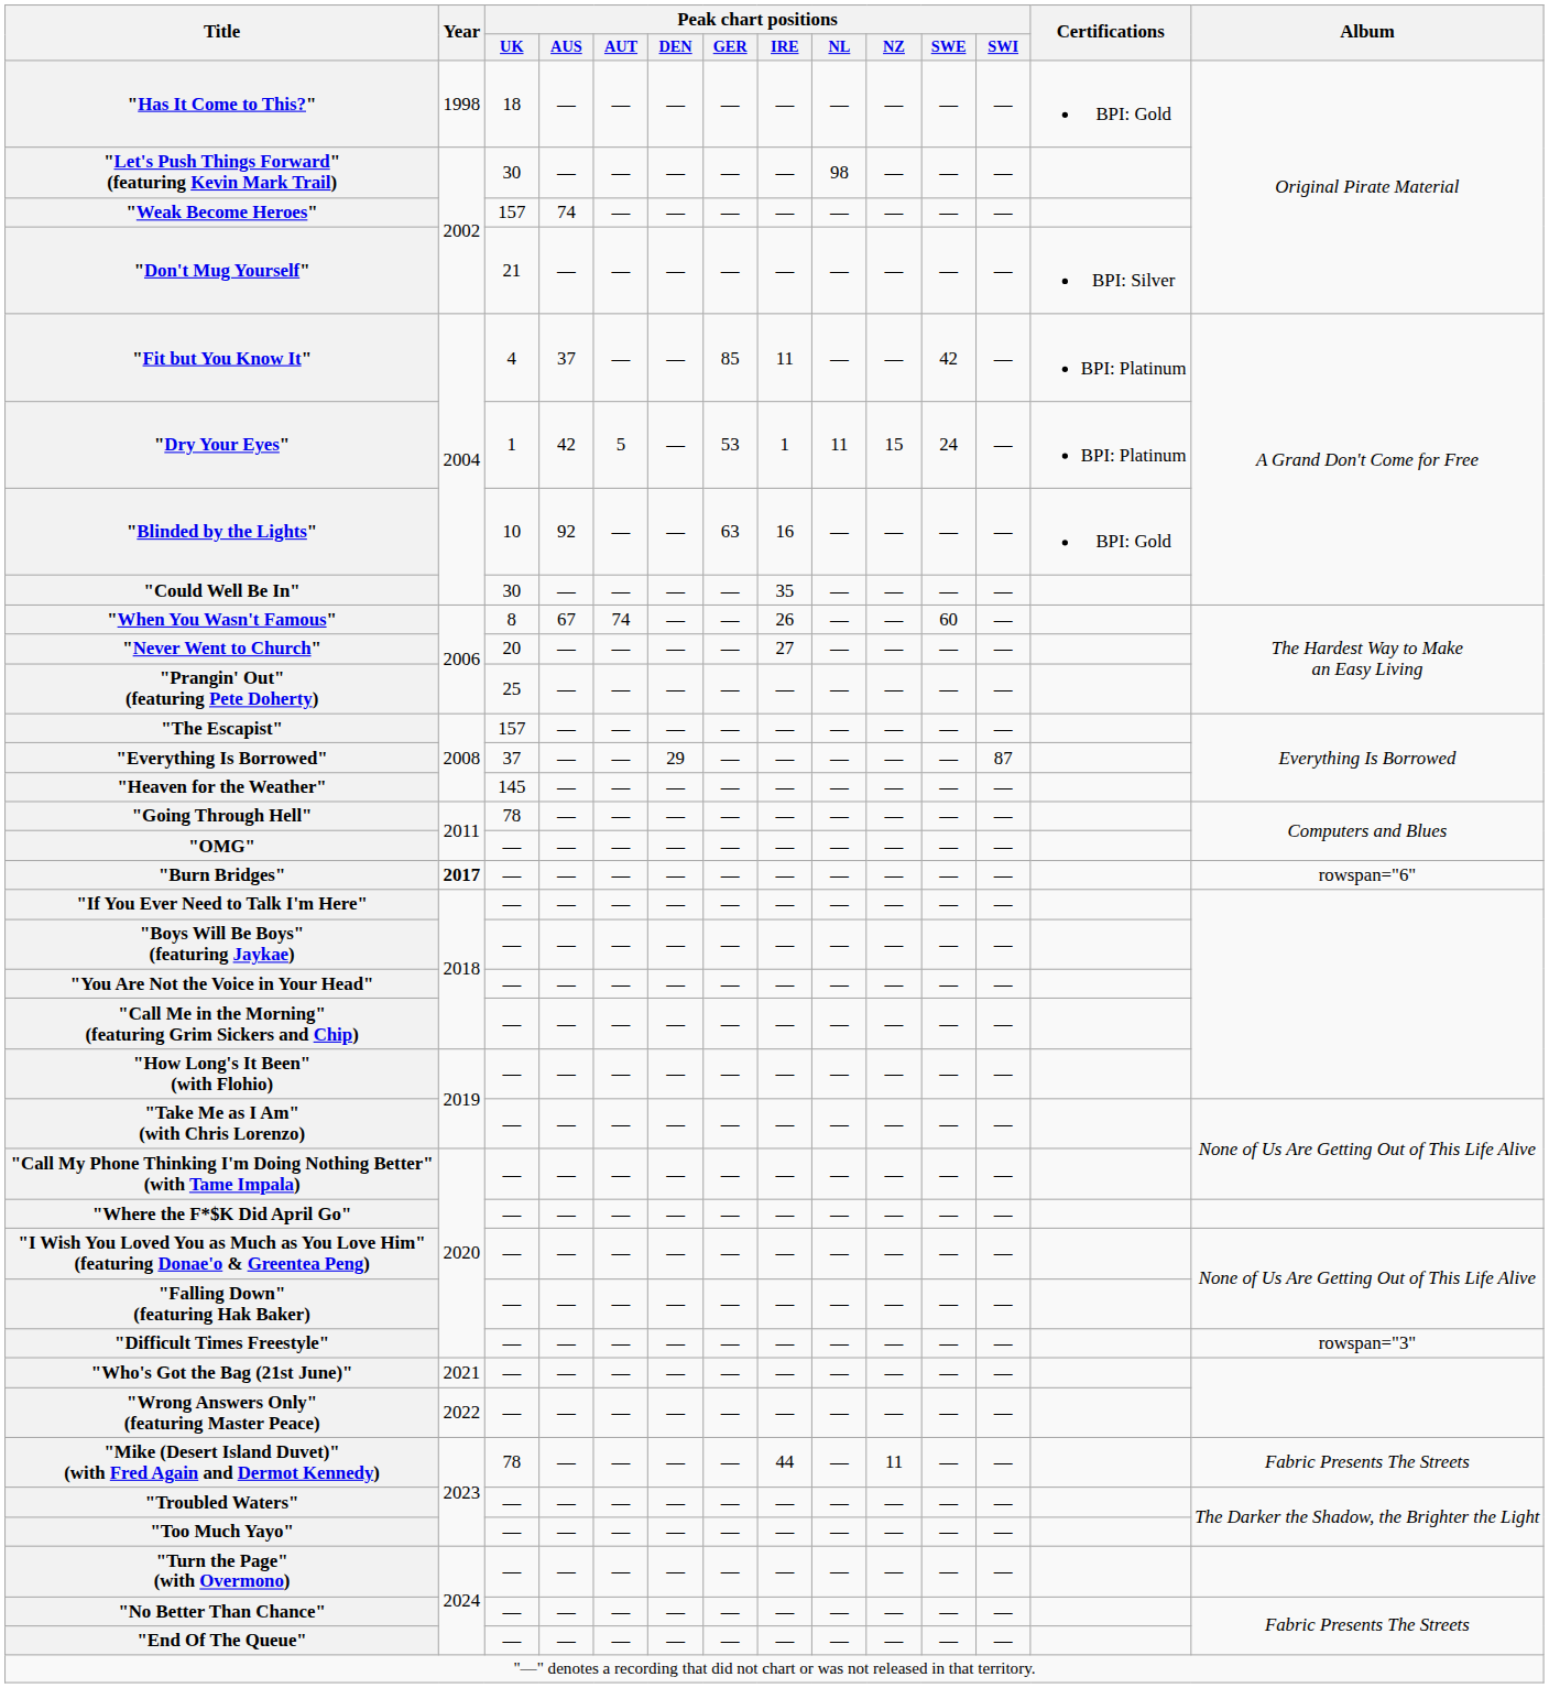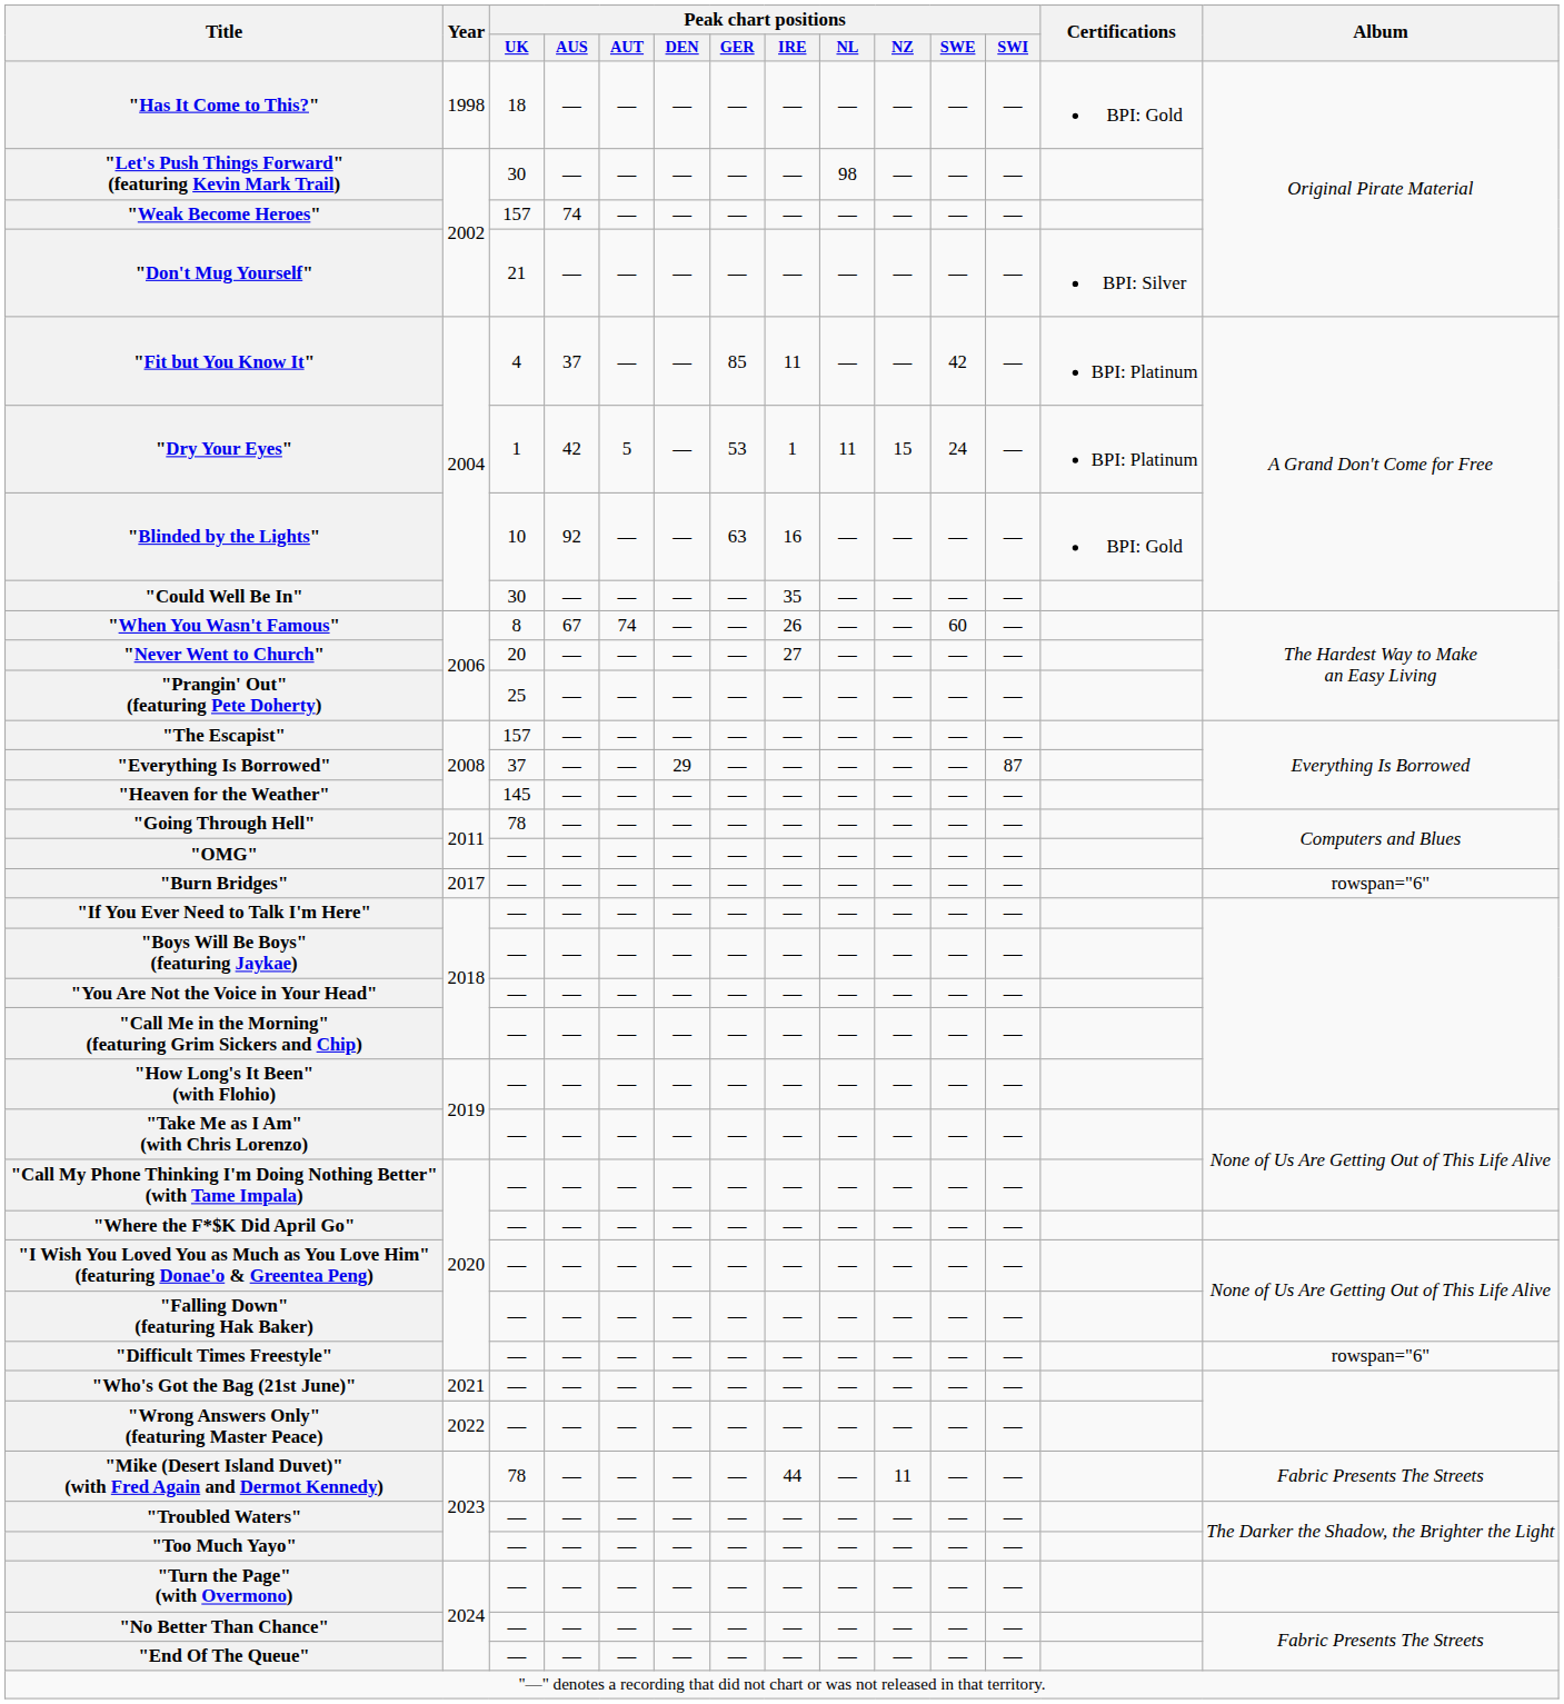 <table class="wikitable plainrowheaders" style="text-align:center;">
 <tr>
 <th scope="col" rowspan="2" style="width:23em;">Title</th>
 <th scope="col" rowspan="2" style="width:1em;">Year</th>
 <th scope="col" colspan="10">Peak chart positions</th>
 <th scope="col" rowspan="2">Certifications</th>
 <th scope="col" rowspan="2">Album</th>
 </tr>
 <tr>
 <th scope="col" style="width:3em;font-size:85%;"><a href='#'>UK</a><br></th>
 <th scope="col" style="width:3em;font-size:85%;"><a href='#'>AUS</a><br></th>
 <th scope="col" style="width:3em;font-size:85%;"><a href='#'>AUT</a><br></th>
 <th scope="col" style="width:3em;font-size:85%;"><a href='#'>DEN</a><br></th>
 <th scope="col" style="width:3em;font-size:85%;"><a href='#'>GER</a></th>
 <th scope="col" style="width:3em;font-size:85%;"><a href='#'>IRE</a><br></th>
 <th scope="col" style="width:3em;font-size:85%;"><a href='#'>NL</a><br></th>
 <th scope="col" style="width:3em;font-size:85%;"><a href='#'>NZ</a><br></th>
 <th scope="col" style="width:3em;font-size:85%;"><a href='#'>SWE</a><br></th>
 <th scope="col" style="width:3em;font-size:85%;"><a href='#'>SWI</a><br></th>
 </tr>
 <tr>
 <th scope="row">"<a href='#'>Has It Come to This?</a>"</th>
 <td>1998</td>
 <td>18</td>
 <td>—</td>
 <td>—</td>
 <td>—</td>
 <td>—</td>
 <td>—</td>
 <td>—</td>
 <td>—</td>
 <td>—</td>
 <td>—</td>
 <td><br><ul><li>BPI: Gold</li></ul></td>
 <td rowspan="4"><em>Original Pirate Material</em></td>
 </tr>
 <tr>
 <th scope="row">"<a href='#'>Let's Push Things Forward</a>"<br><span>(featuring <a href='#'>Kevin Mark Trail</a>)</span></th>
 <td rowspan="3">2002</td>
 <td>30</td>
 <td>—</td>
 <td>—</td>
 <td>—</td>
 <td>—</td>
 <td>—</td>
 <td>98</td>
 <td>—</td>
 <td>—</td>
 <td>—</td>
 <td></td>
 </tr>
 <tr>
 <th scope="row">"<a href='#'>Weak Become Heroes</a>"</th>
 <td>157</td>
 <td>74</td>
 <td>—</td>
 <td>—</td>
 <td>—</td>
 <td>—</td>
 <td>—</td>
 <td>—</td>
 <td>—</td>
 <td>—</td>
 <td></td>
 </tr>
 <tr>
 <th scope="row">"<a href='#'>Don't Mug Yourself</a>"</th>
 <td>21</td>
 <td>—</td>
 <td>—</td>
 <td>—</td>
 <td>—</td>
 <td>—</td>
 <td>—</td>
 <td>—</td>
 <td>—</td>
 <td>—</td>
 <td><br><ul><li>BPI: Silver</li></ul></td>
 </tr>
 <tr>
 <th scope="row">"<a href='#'>Fit but You Know It</a>"</th>
 <td rowspan="4">2004</td>
 <td>4</td>
 <td>37</td>
 <td>—</td>
 <td>—</td>
 <td>85</td>
 <td>11</td>
 <td>—</td>
 <td>—</td>
 <td>42</td>
 <td>—</td>
 <td><br><ul><li>BPI: Platinum</li></ul></td>
 <td rowspan="4"><em>A Grand Don't Come for Free</em></td>
 </tr>
 <tr>
 <th scope="row">"<a href='#'>Dry Your Eyes</a>"</th>
 <td>1</td>
 <td>42</td>
 <td>5</td>
 <td>—</td>
 <td>53</td>
 <td>1</td>
 <td>11</td>
 <td>15</td>
 <td>24</td>
 <td>—</td>
 <td><br><ul><li>BPI: Platinum</li></ul></td>
 </tr>
 <tr>
 <th scope="row">"<a href='#'>Blinded by the Lights</a>"</th>
 <td>10</td>
 <td>92</td>
 <td>—</td>
 <td>—</td>
 <td>63</td>
 <td>16</td>
 <td>—</td>
 <td>—</td>
 <td>—</td>
 <td>—</td>
 <td><br><ul><li>BPI: Gold</li></ul></td>
 </tr>
 <tr>
 <th scope="row">"Could Well Be In"</th>
 <td>30</td>
 <td>—</td>
 <td>—</td>
 <td>—</td>
 <td>—</td>
 <td>35</td>
 <td>—</td>
 <td>—</td>
 <td>—</td>
 <td>—</td>
 <td></td>
 </tr>
 <tr>
 <th scope="row">"<a href='#'>When You Wasn't Famous</a>"</th>
 <td rowspan="3">2006</td>
 <td>8</td>
 <td>67</td>
 <td>74</td>
 <td>—</td>
 <td>—</td>
 <td>26</td>
 <td>—</td>
 <td>—</td>
 <td>60</td>
 <td>—</td>
 <td></td>
 <td rowspan="3"><em>The Hardest Way to Make<br>an Easy Living</em></td>
 </tr>
 <tr>
 <th scope="row">"<a href='#'>Never Went to Church</a>"</th>
 <td>20</td>
 <td>—</td>
 <td>—</td>
 <td>—</td>
 <td>—</td>
 <td>27</td>
 <td>—</td>
 <td>—</td>
 <td>—</td>
 <td>—</td>
 <td></td>
 </tr>
 <tr>
 <th scope="row">"Prangin' Out"<br><span>(featuring <a href='#'>Pete Doherty</a>)</span></th>
 <td>25</td>
 <td>—</td>
 <td>—</td>
 <td>—</td>
 <td>—</td>
 <td>—</td>
 <td>—</td>
 <td>—</td>
 <td>—</td>
 <td>—</td>
 <td></td>
 </tr>
 <tr>
 <th scope="row">"The Escapist"</th>
 <td rowspan="3">2008</td>
 <td>157</td>
 <td>—</td>
 <td>—</td>
 <td>—</td>
 <td>—</td>
 <td>—</td>
 <td>—</td>
 <td>—</td>
 <td>—</td>
 <td>—</td>
 <td></td>
 <td rowspan="3"><em>Everything Is Borrowed</em></td>
 </tr>
 <tr>
 <th scope="row">"Everything Is Borrowed"</th>
 <td>37</td>
 <td>—</td>
 <td>—</td>
 <td>29</td>
 <td>—</td>
 <td>—</td>
 <td>—</td>
 <td>—</td>
 <td>—</td>
 <td>87</td>
 <td></td>
 </tr>
 <tr>
 <th scope="row">"Heaven for the Weather"</th>
 <td>145</td>
 <td>—</td>
 <td>—</td>
 <td>—</td>
 <td>—</td>
 <td>—</td>
 <td>—</td>
 <td>—</td>
 <td>—</td>
 <td>—</td>
 <td></td>
 </tr>
 <tr>
 <th scope="row">"Going Through Hell"</th>
 <td rowspan="2">2011</td>
 <td>78</td>
 <td>—</td>
 <td>—</td>
 <td>—</td>
 <td>—</td>
 <td>—</td>
 <td>—</td>
 <td>—</td>
 <td>—</td>
 <td>—</td>
 <td></td>
 <td rowspan="2"><em>Computers and Blues</em></td>
 </tr>
 <tr>
 <th scope="row">"OMG"</th>
 <td>—</td>
 <td>—</td>
 <td>—</td>
 <td>—</td>
 <td>—</td>
 <td>—</td>
 <td>—</td>
 <td>—</td>
 <td>—</td>
 <td>—</td>
 <td></td>
 </tr>
 <tr>
 <th scope="row">"Burn Bridges"</th>
-<td><strong>2017</strong></td>
+<td>2017</td>
 <td>—</td>
 <td>—</td>
 <td>—</td>
 <td>—</td>
 <td>—</td>
 <td>—</td>
 <td>—</td>
 <td>—</td>
 <td>—</td>
 <td>—</td>
 <td></td>
 <td>rowspan="6" </td>
 </tr>
 <tr>
 <th scope="row">"If You Ever Need to Talk I'm Here"</th>
 <td rowspan="4">2018</td>
 <td>—</td>
 <td>—</td>
 <td>—</td>
 <td>—</td>
 <td>—</td>
 <td>—</td>
 <td>—</td>
 <td>—</td>
 <td>—</td>
 <td>—</td>
 <td></td>
 </tr>
 <tr>
 <th scope="row">"Boys Will Be Boys"<br><span>(featuring <a href='#'>Jaykae</a>)</span></th>
 <td>—</td>
 <td>—</td>
 <td>—</td>
 <td>—</td>
 <td>—</td>
 <td>—</td>
 <td>—</td>
 <td>—</td>
 <td>—</td>
 <td>—</td>
 <td></td>
 </tr>
 <tr>
 <th scope="row">"You Are Not the Voice in Your Head"</th>
 <td>—</td>
 <td>—</td>
 <td>—</td>
 <td>—</td>
 <td>—</td>
 <td>—</td>
 <td>—</td>
 <td>—</td>
 <td>—</td>
 <td>—</td>
 <td></td>
 </tr>
 <tr>
 <th scope="row">"Call Me in the Morning"<br><span>(featuring Grim Sickers and <a href='#'>Chip</a>)</span></th>
 <td>—</td>
 <td>—</td>
 <td>—</td>
 <td>—</td>
 <td>—</td>
 <td>—</td>
 <td>—</td>
 <td>—</td>
 <td>—</td>
 <td>—</td>
 <td></td>
 </tr>
 <tr>
 <th scope="row">"How Long's It Been"<br><span>(with Flohio)</span></th>
 <td rowspan="2">2019</td>
 <td>—</td>
 <td>—</td>
 <td>—</td>
 <td>—</td>
 <td>—</td>
 <td>—</td>
 <td>—</td>
 <td>—</td>
 <td>—</td>
 <td>—</td>
 <td></td>
 </tr>
 <tr>
 <th scope="row">"Take Me as I Am"<br><span>(with Chris Lorenzo)</span></th>
 <td>—</td>
 <td>—</td>
 <td>—</td>
 <td>—</td>
 <td>—</td>
 <td>—</td>
 <td>—</td>
 <td>—</td>
 <td>—</td>
 <td>—</td>
 <td></td>
 <td rowspan="2"><em>None of Us Are Getting Out of This Life Alive</em></td>
 </tr>
 <tr>
 <th scope="row">"Call My Phone Thinking I'm Doing Nothing Better"<br><span>(with <a href='#'>Tame Impala</a>)</span></th>
 <td rowspan="5">2020</td>
 <td>—</td>
 <td>—</td>
 <td>—</td>
 <td>—</td>
 <td>—</td>
 <td>—</td>
 <td>—</td>
 <td>—</td>
 <td>—</td>
 <td>—</td>
 <td></td>
 </tr>
 <tr>
 <th scope="row">"Where the F*$K Did April Go"</th>
 <td>—</td>
 <td>—</td>
 <td>—</td>
 <td>—</td>
 <td>—</td>
 <td>—</td>
 <td>—</td>
 <td>—</td>
 <td>—</td>
 <td>—</td>
 <td></td>
 <td></td>
 </tr>
 <tr>
 <th scope="row">"I Wish You Loved You as Much as You Love Him"<br><span>(featuring <a href='#'>Donae'o</a> & <a href='#'>Greentea Peng</a>)</span></th>
 <td>—</td>
 <td>—</td>
 <td>—</td>
 <td>—</td>
 <td>—</td>
 <td>—</td>
 <td>—</td>
 <td>—</td>
 <td>—</td>
 <td>—</td>
 <td></td>
 <td rowspan="2"><em>None of Us Are Getting Out of This Life Alive</em></td>
 </tr>
 <tr>
 <th scope="row">"Falling Down"<br><span>(featuring Hak Baker)</span></th>
 <td>—</td>
 <td>—</td>
 <td>—</td>
 <td>—</td>
 <td>—</td>
 <td>—</td>
 <td>—</td>
 <td>—</td>
 <td>—</td>
 <td>—</td>
 <td></td>
 </tr>
 <tr>
 <th scope="row">"Difficult Times Freestyle"</th>
 <td>—</td>
 <td>—</td>
 <td>—</td>
 <td>—</td>
 <td>—</td>
 <td>—</td>
 <td>—</td>
 <td>—</td>
 <td>—</td>
 <td>—</td>
 <td></td>
-<td>rowspan="3" </td>
+<td>rowspan="6" </td>
 </tr>
 <tr>
 <th scope="row">"Who's Got the Bag (21st June)"</th>
 <td>2021</td>
 <td>—</td>
 <td>—</td>
 <td>—</td>
 <td>—</td>
 <td>—</td>
 <td>—</td>
 <td>—</td>
 <td>—</td>
 <td>—</td>
 <td>—</td>
 <td></td>
 </tr>
 <tr>
 <th scope="row">"Wrong Answers Only"<br><span>(featuring Master Peace)</span></th>
 <td>2022</td>
 <td>—</td>
 <td>—</td>
 <td>—</td>
 <td>—</td>
 <td>—</td>
 <td>—</td>
 <td>—</td>
 <td>—</td>
 <td>—</td>
 <td>—</td>
 <td></td>
 </tr>
 <tr>
 <th scope="row">"Mike (Desert Island Duvet)"<br><span>(with <a href='#'>Fred Again</a> and <a href='#'>Dermot Kennedy</a>)</span></th>
 <td rowspan="3">2023</td>
 <td>78</td>
 <td>—</td>
 <td>—</td>
 <td>—</td>
 <td>—</td>
 <td>44</td>
 <td>—</td>
 <td>11</td>
 <td>—</td>
 <td>—</td>
 <td></td>
 <td><em>Fabric Presents The Streets</em></td>
 </tr>
 <tr>
 <th scope="row">"Troubled Waters"</th>
 <td>—</td>
 <td>—</td>
 <td>—</td>
 <td>—</td>
 <td>—</td>
 <td>—</td>
 <td>—</td>
 <td>—</td>
 <td>—</td>
 <td>—</td>
 <td></td>
 <td rowspan="2"><em>The Darker the Shadow, the Brighter the Light</em></td>
 </tr>
 <tr>
 <th scope="row">"Too Much Yayo"</th>
 <td>—</td>
 <td>—</td>
 <td>—</td>
 <td>—</td>
 <td>—</td>
 <td>—</td>
 <td>—</td>
 <td>—</td>
 <td>—</td>
 <td>—</td>
 <td></td>
 </tr>
 <tr>
 <th scope="row">"Turn the Page"<br><span>(with <a href='#'>Overmono</a>)</span></th>
 <td rowspan="3">2024</td>
 <td>—</td>
 <td>—</td>
 <td>—</td>
 <td>—</td>
 <td>—</td>
 <td>—</td>
 <td>—</td>
 <td>—</td>
 <td>—</td>
 <td>—</td>
 <td></td>
 <td></td>
 </tr>
 <tr>
 <th scope="row">"No Better Than Chance"</th>
 <td>—</td>
 <td>—</td>
 <td>—</td>
 <td>—</td>
 <td>—</td>
 <td>—</td>
 <td>—</td>
 <td>—</td>
 <td>—</td>
 <td>—</td>
 <td></td>
 <td rowspan="2"><em>Fabric Presents The Streets</em></td>
 </tr>
 <tr>
 <th scope="row">"End Of The Queue"</th>
 <td>—</td>
 <td>—</td>
 <td>—</td>
 <td>—</td>
 <td>—</td>
 <td>—</td>
 <td>—</td>
 <td>—</td>
 <td>—</td>
 <td>—</td>
 <td></td>
 </tr>
 <tr>
 <td colspan="14" style="font-size:90%">"—" denotes a recording that did not chart or was not released in that territory.</td>
 </tr>
 </table>
